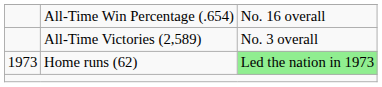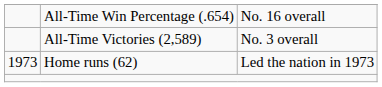 <table class="wikitable">
 <tr>
 </tr>
 <tr>
 <td></td>
 <td>All-Time Win Percentage (.654)</td>
 <td>No. 16 overall</td>
 </tr>
 <tr>
 <td></td>
 <td>All-Time Victories (2,589)</td>
 <td>No. 3 overall</td>
 </tr>
 <tr 1970 to 75 most consecutive national championships>
 <td>1973</td>
 <td>Home runs (62)</td>
-<td style="background: lightgreen;">Led the nation in 1973</td>
+<td>Led the nation in 1973</td>
 </tr>
 <tr>
 <td colspan=3></td>
 </tr>
 </table>
